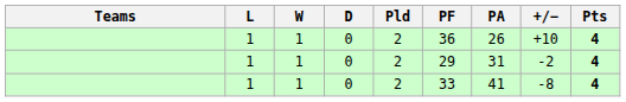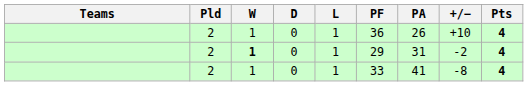 <table class="wikitable" style="text-align: center;">
 <tr>
 <th width="200">Teams</th>
-<th width="40">L</th>
+<th width="40">Pld</th>
 <th width="40">W</th>
 <th width="40">D</th>
-<th width="40">Pld</th>
+<th width="40">L</th>
 <th width="40">PF</th>
 <th width="40">PA</th>
 <th width="40">+/−</th>
 <th width="40">Pts</th>
 </tr>
 <tr bgcolor=ccffcc>
 <td align=left></td>
-<td>1</td>
+<td>2</td>
 <td>1</td>
 <td>0</td>
-<td>2</td>
+<td>1</td>
 <td>36</td>
 <td>26</td>
 <td>+10</td>
 <td><strong>4</strong></td>
 </tr>
 <tr bgcolor=ccffcc>
 <td align=left></td>
+<td>2</td>
+<td><strong>1</strong></td>
+<td>0</td>
 <td>1</td>
-<td>1</td>
-<td>0</td>
-<td>2</td>
 <td>29</td>
 <td>31</td>
 <td>-2</td>
 <td><strong>4</strong></td>
 </tr>
 <tr bgcolor=ccffcc>
 <td align=left></td>
-<td>1</td>
+<td>2</td>
 <td>1</td>
 <td>0</td>
-<td>2</td>
+<td>1</td>
 <td>33</td>
 <td>41</td>
 <td>-8</td>
 <td><strong>4</strong></td>
 </tr>
 </table>
